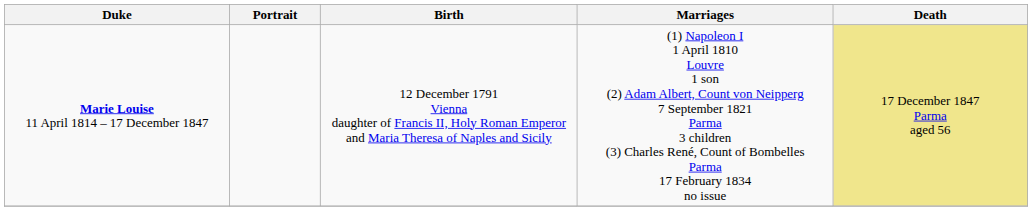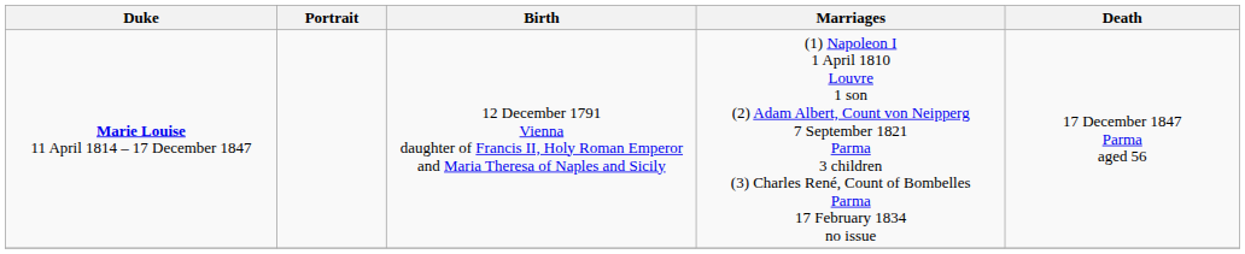 <table style="text-align:center; width:100%" class="wikitable">
 <tr>
 <th width=22%>Duke</th>
 <th width=105px>Portrait</th>
 <th>Birth</th>
 <th width=25%>Marriages</th>
 <th width=19%>Death</th>
 </tr>
 <tr>
 <td><strong><a href='#'>Marie Louise</a></strong><br>11 April 1814 – 17 December 1847</td>
 <td></td>
 <td>12 December 1791<br><a href='#'>Vienna</a><br> daughter of <a href='#'>Francis II, Holy Roman Emperor</a> and <a href='#'>Maria Theresa of Naples and Sicily</a></td>
 <td>(1) <a href='#'>Napoleon I</a><br>1 April 1810<br><a href='#'>Louvre</a><br>1 son<br>(2) <a href='#'>Adam Albert, Count von Neipperg</a><br>7 September 1821<br><a href='#'>Parma</a><br>3 children<br>(3) Charles René, Count of Bombelles<br><a href='#'>Parma</a><br>17 February 1834<br>no issue</td>
-<td style="background: khaki;">17 December 1847 <br><a href='#'>Parma</a><br>aged 56</td>
+<td>17 December 1847 <br><a href='#'>Parma</a><br>aged 56</td>
 </tr>
 <tr>
 </tr>
 </table>
